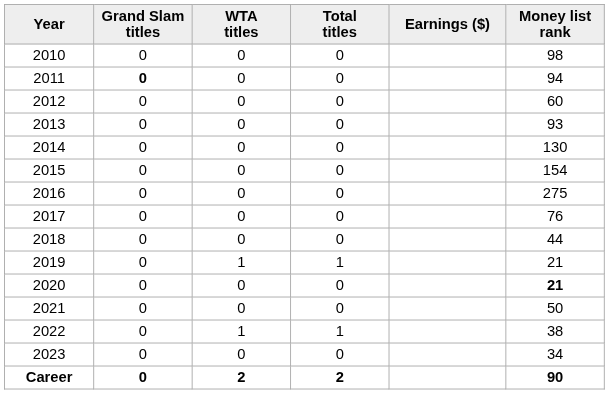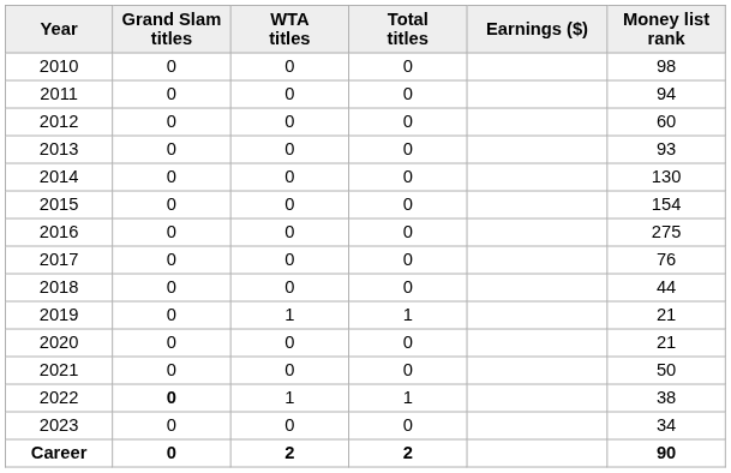 <table cellpadding=3 cellspacing=0 border=1 style=border:#aaa;solid:1px;border-collapse:collapse;text-align:center;>
 <tr style=background:#eee;font-weight:bold>
 <td width="90">Year</td>
 <td width="100">Grand Slam <br>titles</td>
 <td width="100">WTA <br>titles</td>
 <td width="100">Total <br>titles</td>
 <td width="120">Earnings ($)</td>
 <td width="100">Money list rank</td>
 </tr>
 <tr>
 <td>2010</td>
 <td>0</td>
 <td>0</td>
 <td>0</td>
 <td align="right"></td>
 <td>98</td>
 </tr>
 <tr>
 <td>2011</td>
-<td><strong>0</strong></td>
+<td>0</td>
 <td>0</td>
 <td>0</td>
 <td align="right"></td>
 <td>94</td>
 </tr>
 <tr>
 <td>2012</td>
 <td>0</td>
 <td>0</td>
 <td>0</td>
 <td align="right"></td>
 <td>60</td>
 </tr>
 <tr>
 <td>2013</td>
 <td>0</td>
 <td>0</td>
 <td>0</td>
 <td align="right"></td>
 <td>93</td>
 </tr>
 <tr>
 <td>2014</td>
 <td>0</td>
 <td>0</td>
 <td>0</td>
 <td align="right"></td>
 <td>130</td>
 </tr>
 <tr>
 <td>2015</td>
 <td>0</td>
 <td>0</td>
 <td>0</td>
 <td align="right"></td>
 <td>154</td>
 </tr>
 <tr>
 <td>2016</td>
 <td>0</td>
 <td>0</td>
 <td>0</td>
 <td align="right"></td>
 <td>275</td>
 </tr>
 <tr>
 <td>2017</td>
 <td>0</td>
 <td>0</td>
 <td>0</td>
 <td align="right"></td>
 <td>76</td>
 </tr>
 <tr>
 <td>2018</td>
 <td>0</td>
 <td>0</td>
 <td>0</td>
 <td align="right"></td>
 <td>44</td>
 </tr>
 <tr>
 <td>2019</td>
 <td>0</td>
 <td>1</td>
 <td>1</td>
 <td align="right"></td>
 <td>21</td>
 </tr>
 <tr>
 <td>2020</td>
 <td>0</td>
 <td>0</td>
 <td>0</td>
 <td align="right"></td>
-<td><strong>21</strong></td>
+<td>21</td>
 </tr>
 <tr>
 <td>2021</td>
 <td>0</td>
 <td>0</td>
 <td>0</td>
 <td align="right"></td>
 <td>50</td>
 </tr>
 <tr>
 <td>2022</td>
-<td>0</td>
+<td><strong>0</strong></td>
 <td>1</td>
 <td>1</td>
 <td align=right></td>
 <td>38</td>
 </tr>
 <tr>
 <td>2023</td>
 <td>0</td>
 <td>0</td>
 <td>0</td>
 <td align="right"></td>
 <td>34</td>
 </tr>
 <tr style="font-weight:bold;">
 <td>Career</td>
 <td>0</td>
 <td>2</td>
 <td>2</td>
 <td align="right"></td>
 <td>90</td>
 </tr>
 </table>
